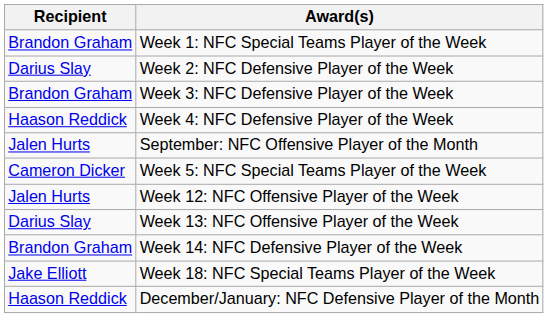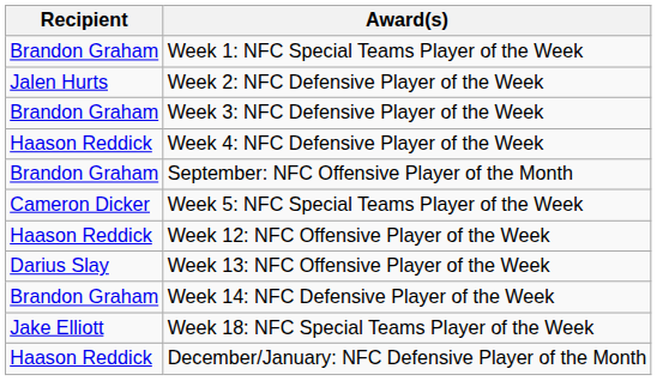 <table class="wikitable">
 <tr>
 <th>Recipient</th>
 <th>Award(s)</th>
 </tr>
 <tr>
 <td><a href='#'>Brandon Graham</a></td>
 <td>Week 1: NFC Special Teams Player of the Week</td>
 </tr>
 <tr>
-<td><a href='#'>Darius Slay</a></td>
+<td><a href='#'>Jalen Hurts</a></td>
 <td>Week 2: NFC Defensive Player of the Week</td>
 </tr>
 <tr>
 <td><a href='#'>Brandon Graham</a></td>
 <td>Week 3: NFC Defensive Player of the Week</td>
 </tr>
 <tr>
 <td><a href='#'>Haason Reddick</a></td>
 <td>Week 4: NFC Defensive Player of the Week</td>
 </tr>
 <tr>
-<td><a href='#'>Jalen Hurts</a></td>
+<td><a href='#'>Brandon Graham</a></td>
 <td>September: NFC Offensive Player of the Month</td>
 </tr>
 <tr>
 <td><a href='#'>Cameron Dicker</a></td>
 <td>Week 5: NFC Special Teams Player of the Week</td>
 </tr>
 <tr>
-<td><a href='#'>Jalen Hurts</a></td>
+<td><a href='#'>Haason Reddick</a></td>
 <td>Week 12: NFC Offensive Player of the Week</td>
 </tr>
 <tr>
 <td><a href='#'>Darius Slay</a></td>
 <td>Week 13: NFC Offensive Player of the Week</td>
 </tr>
 <tr>
 <td><a href='#'>Brandon Graham</a></td>
 <td>Week 14: NFC Defensive Player of the Week</td>
 </tr>
 <tr>
 <td><a href='#'>Jake Elliott</a></td>
 <td>Week 18: NFC Special Teams Player of the Week</td>
 </tr>
 <tr>
 <td><a href='#'>Haason Reddick</a></td>
 <td>December/January: NFC Defensive Player of the Month</td>
 </tr>
 </table>
